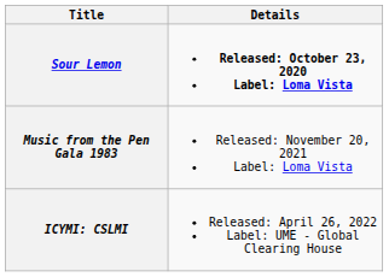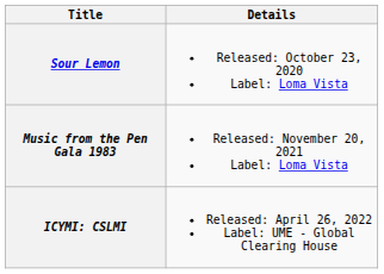 <table class="wikitable plainrowheaders" style="text-align:center;">
 <tr>
 <th scope="col" style="width:13.5em;">Title</th>
 <th scope="col" style="width:18em;">Details</th>
 </tr>
 <tr>
 <th scope="row"><em><a href='#'>Sour Lemon</a></em></th>
-<td><strong><br><ul><li>Released: October 23, 2020</li><li>Label: <a href='#'>Loma Vista</a></li></ul></strong></td>
+<td><br><ul><li>Released: October 23, 2020</li><li>Label: <a href='#'>Loma Vista</a></li></ul></td>
 </tr>
 <tr>
 <th scope="row"><em>Music from the Pen Gala 1983</em></th>
 <td><br><ul><li>Released: November 20, 2021</li><li>Label: <a href='#'>Loma Vista</a></li></ul></td>
 </tr>
 <tr>
 <th scope="row"><em>ICYMI: CSLMI</em></th>
 <td><br><ul><li>Released: April 26, 2022</li><li>Label: UME - Global Clearing House</li></ul></td>
 </tr>
 </table>
